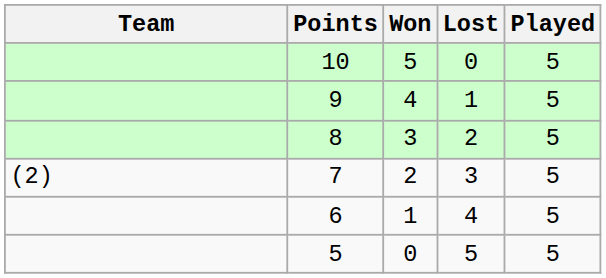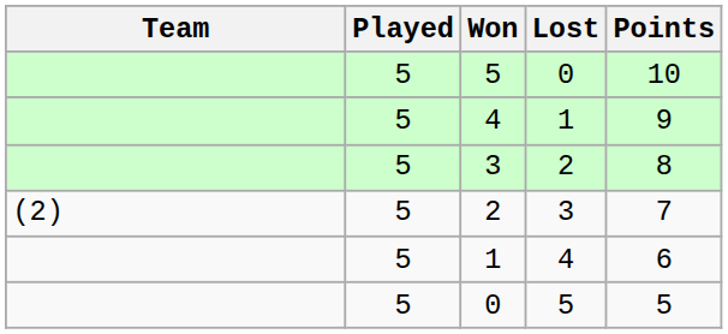 <table class="wikitable" style="text-align:center;">
 <tr>
 <th width=150>Team</th>
-<th width=20>Points</th>
+<th width=20>Played</th>
 <th width=20>Won</th>
 <th width=30>Lost</th>
-<th width=20>Played</th>
+<th width=20>Points</th>
 </tr>
 <tr bgcolor="#ccffcc">
 <td align=left></td>
-<td>10</td>
+<td>5</td>
 <td>5</td>
 <td>0</td>
-<td>5</td>
+<td>10</td>
 </tr>
 <tr bgcolor="#ccffcc">
 <td align=left></td>
-<td>9</td>
+<td>5</td>
 <td>4</td>
 <td>1</td>
-<td>5</td>
+<td>9</td>
 </tr>
 <tr bgcolor="#ccffcc">
 <td align=left></td>
-<td>8</td>
+<td>5</td>
 <td>3</td>
 <td>2</td>
-<td>5</td>
+<td>8</td>
 </tr>
 <tr>
 <td align=left> (2)</td>
-<td>7</td>
+<td>5</td>
 <td>2</td>
 <td>3</td>
-<td>5</td>
+<td>7</td>
 </tr>
 <tr>
 <td align=left></td>
-<td>6</td>
+<td>5</td>
 <td>1</td>
 <td>4</td>
-<td>5</td>
+<td>6</td>
 </tr>
 <tr>
 <td align=left></td>
 <td>5</td>
 <td>0</td>
 <td>5</td>
 <td>5</td>
 </tr>
 </table>
